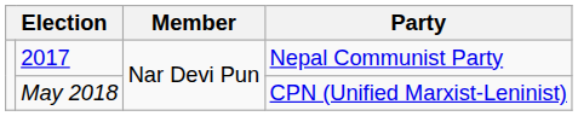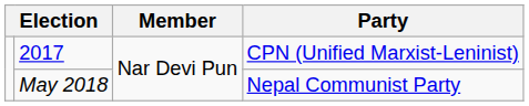 <table class="wikitable">
 <tr>
 <th colspan="2">Election</th>
 <th>Member</th>
 <th>Party</th>
 </tr>
 <tr>
 <td rowspan="2" style="background-color:"></td>
 <td><a href='#'>2017</a></td>
 <td rowspan="2">Nar Devi Pun</td>
-<td><a href='#'>Nepal Communist Party</a></td>
+<td><a href='#'>CPN (Unified Marxist-Leninist)</a></td>
 </tr>
 <tr>
 <td><em>May 2018</em></td>
-<td><a href='#'>CPN (Unified Marxist-Leninist)</a></td>
+<td><a href='#'>Nepal Communist Party</a></td>
 </tr>
 </table>
